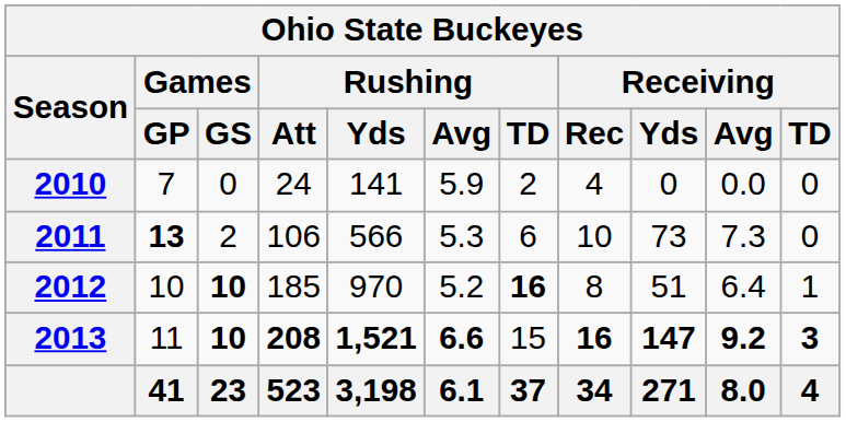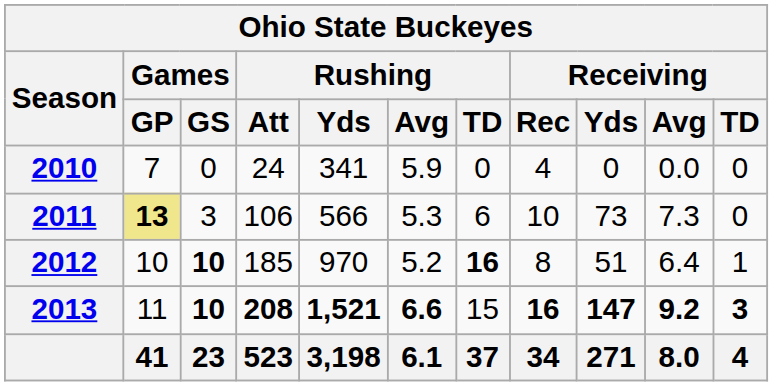 <table class="wikitable" style="text-align:center;">
 <tr>
 <th colspan="15">Ohio State Buckeyes</th>
 </tr>
 <tr>
 <th rowspan="2">Season</th>
 <th colspan="2">Games</th>
 <th colspan="4">Rushing</th>
 <th colspan="4">Receiving</th>
 </tr>
 <tr>
 <th>GP</th>
 <th>GS</th>
 <th>Att</th>
 <th>Yds</th>
 <th>Avg</th>
 <th>TD</th>
 <th>Rec</th>
 <th>Yds</th>
 <th>Avg</th>
 <th>TD</th>
 </tr>
 <tr>
 <th><a href='#'>2010</a></th>
 <td>7</td>
 <td>0</td>
 <td>24</td>
-<td>141</td>
+<td>341</td>
 <td>5.9</td>
-<td>2</td>
+<td>0</td>
 <td>4</td>
 <td>0</td>
 <td>0.0</td>
 <td>0</td>
 </tr>
 <tr>
 <th><a href='#'>2011</a></th>
-<td><strong>13</strong></td>
-<td>2</td>
+<td style="background: khaki;"><strong>13</strong></td>
+<td>3</td>
 <td>106</td>
 <td>566</td>
 <td>5.3</td>
 <td>6</td>
 <td>10</td>
 <td>73</td>
 <td>7.3</td>
 <td>0</td>
 </tr>
 <tr>
 <th><a href='#'>2012</a></th>
 <td>10</td>
 <td><strong>10</strong></td>
 <td>185</td>
 <td>970</td>
 <td>5.2</td>
 <td><strong>16</strong></td>
 <td>8</td>
 <td>51</td>
 <td>6.4</td>
 <td>1</td>
 </tr>
 <tr>
 <th><a href='#'>2013</a></th>
 <td>11</td>
 <td><strong>10</strong></td>
 <td><strong>208</strong></td>
 <td><strong>1,521</strong></td>
 <td><strong>6.6</strong></td>
 <td>15</td>
 <td><strong>16</strong></td>
 <td><strong>147</strong></td>
 <td><strong>9.2</strong></td>
 <td><strong>3</strong></td>
 </tr>
 <tr>
 <th></th>
 <th>41</th>
 <th>23</th>
 <th>523</th>
 <th>3,198</th>
 <th>6.1</th>
 <th>37</th>
 <th>34</th>
 <th>271</th>
 <th>8.0</th>
 <th>4</th>
 </tr>
 </table>
